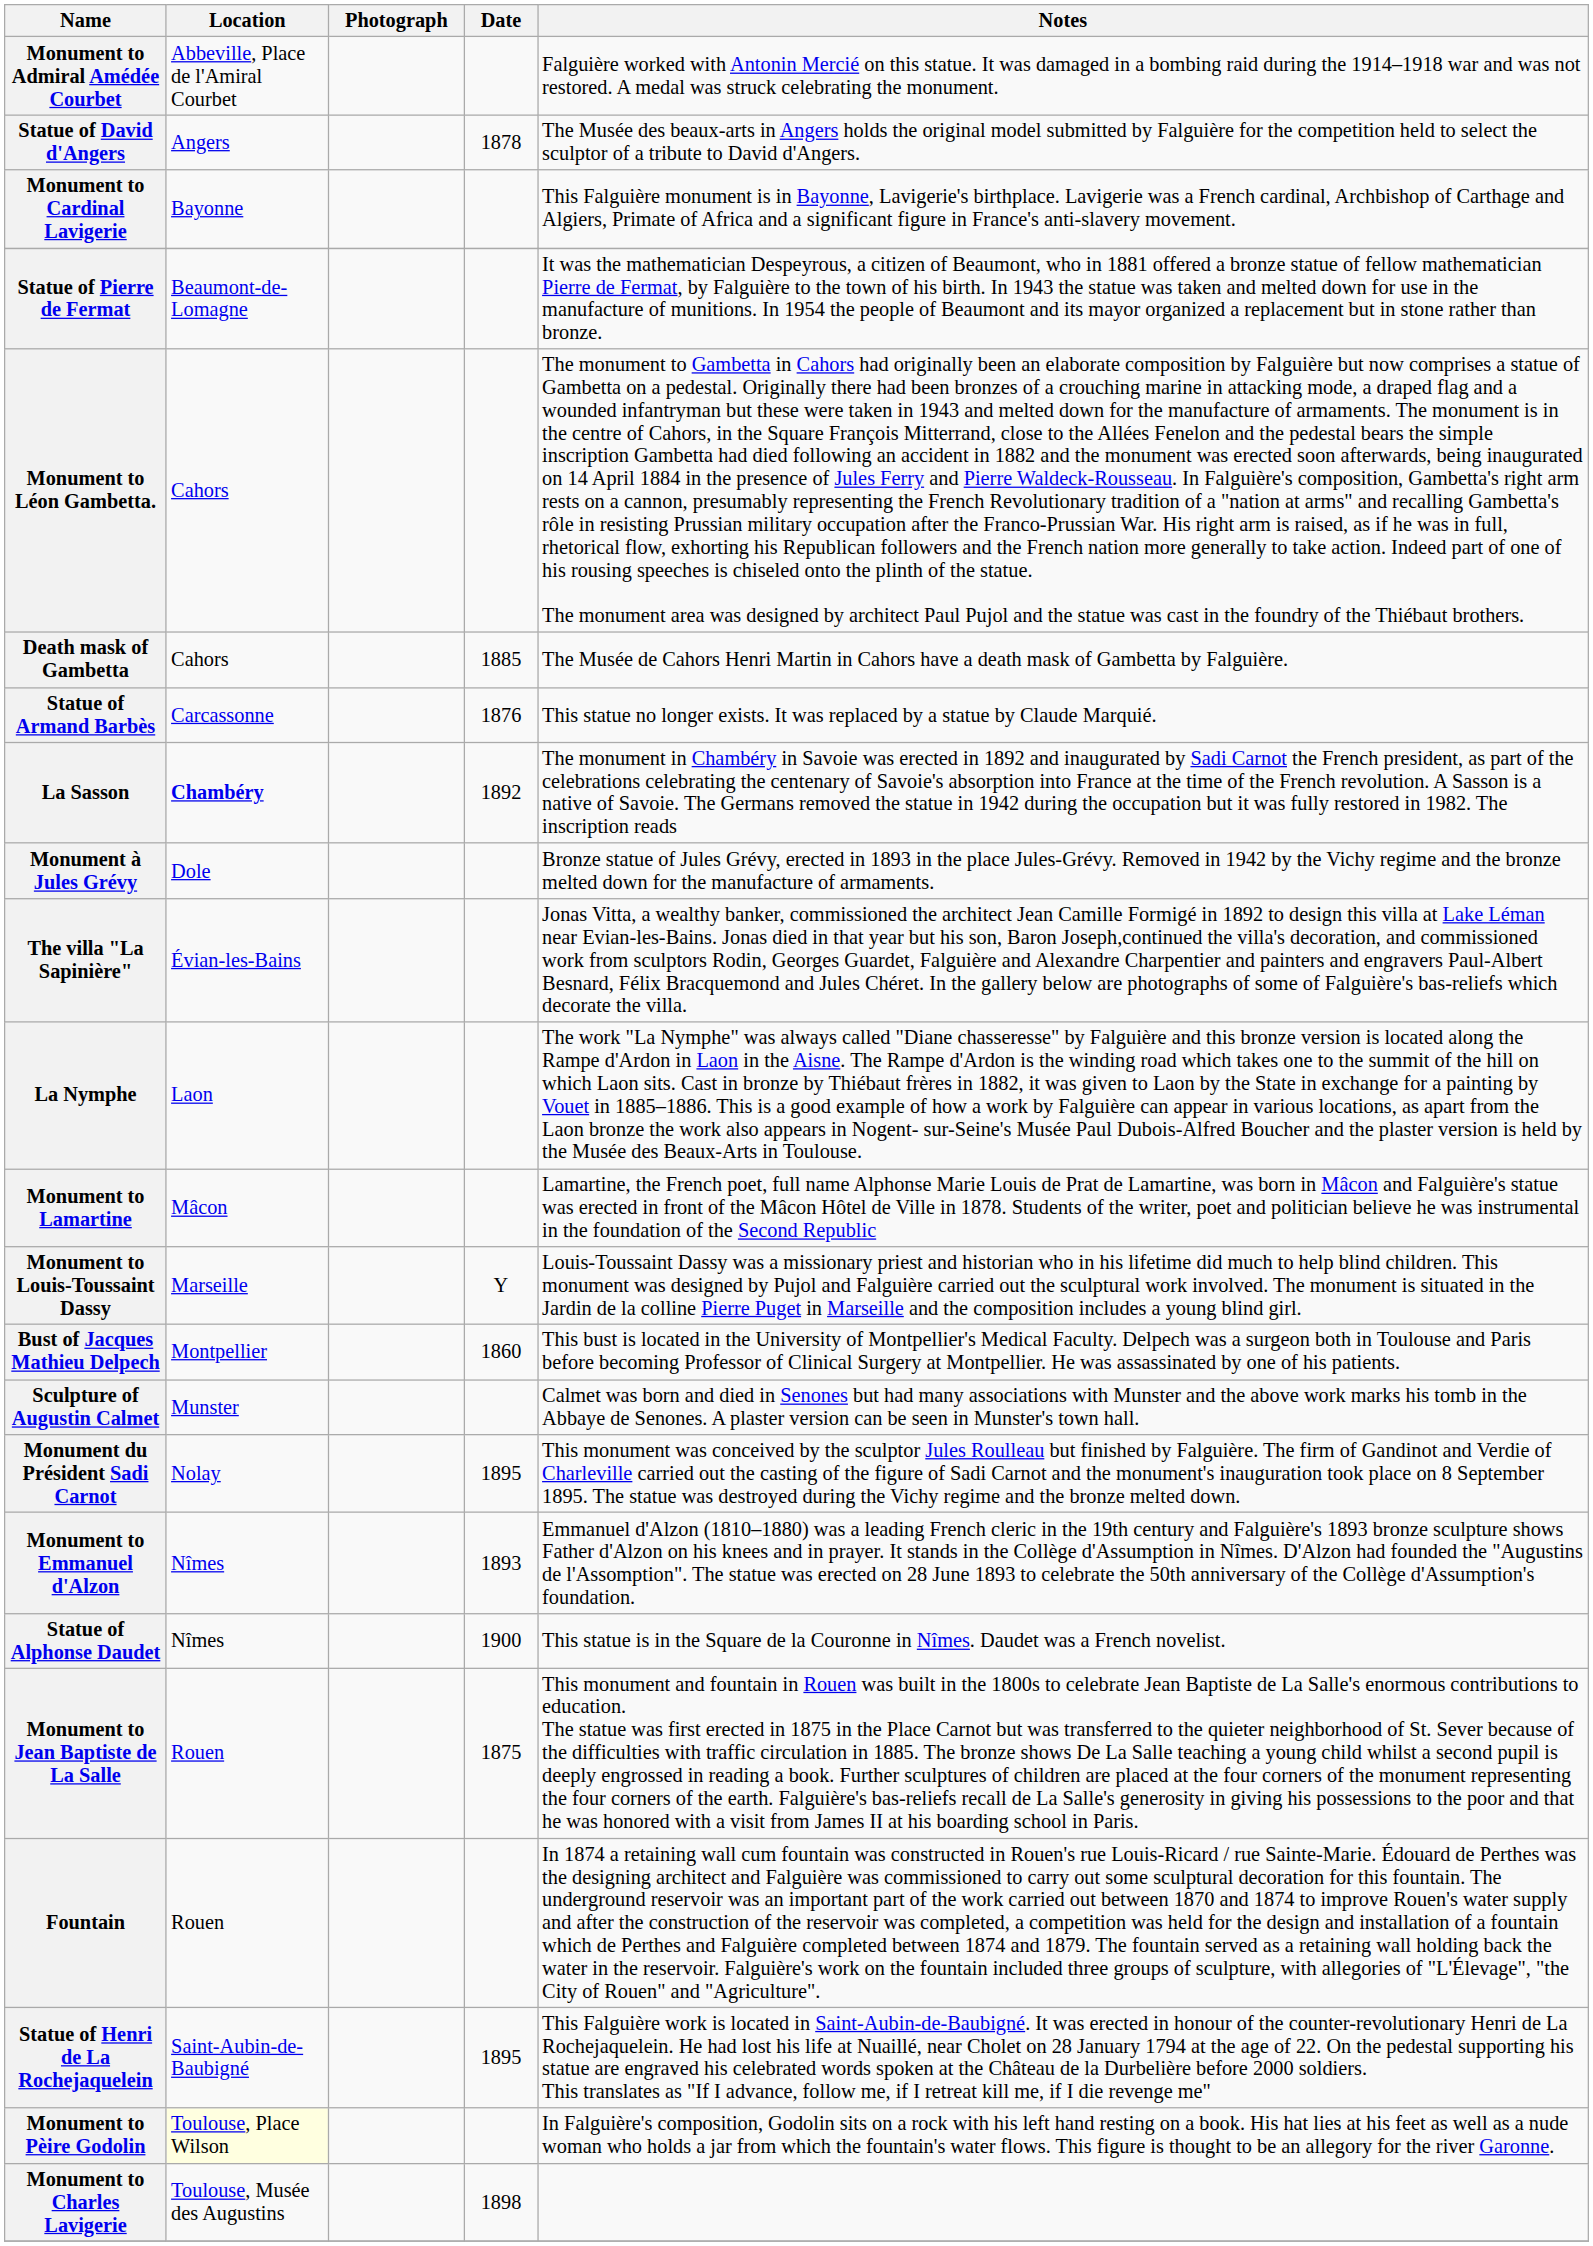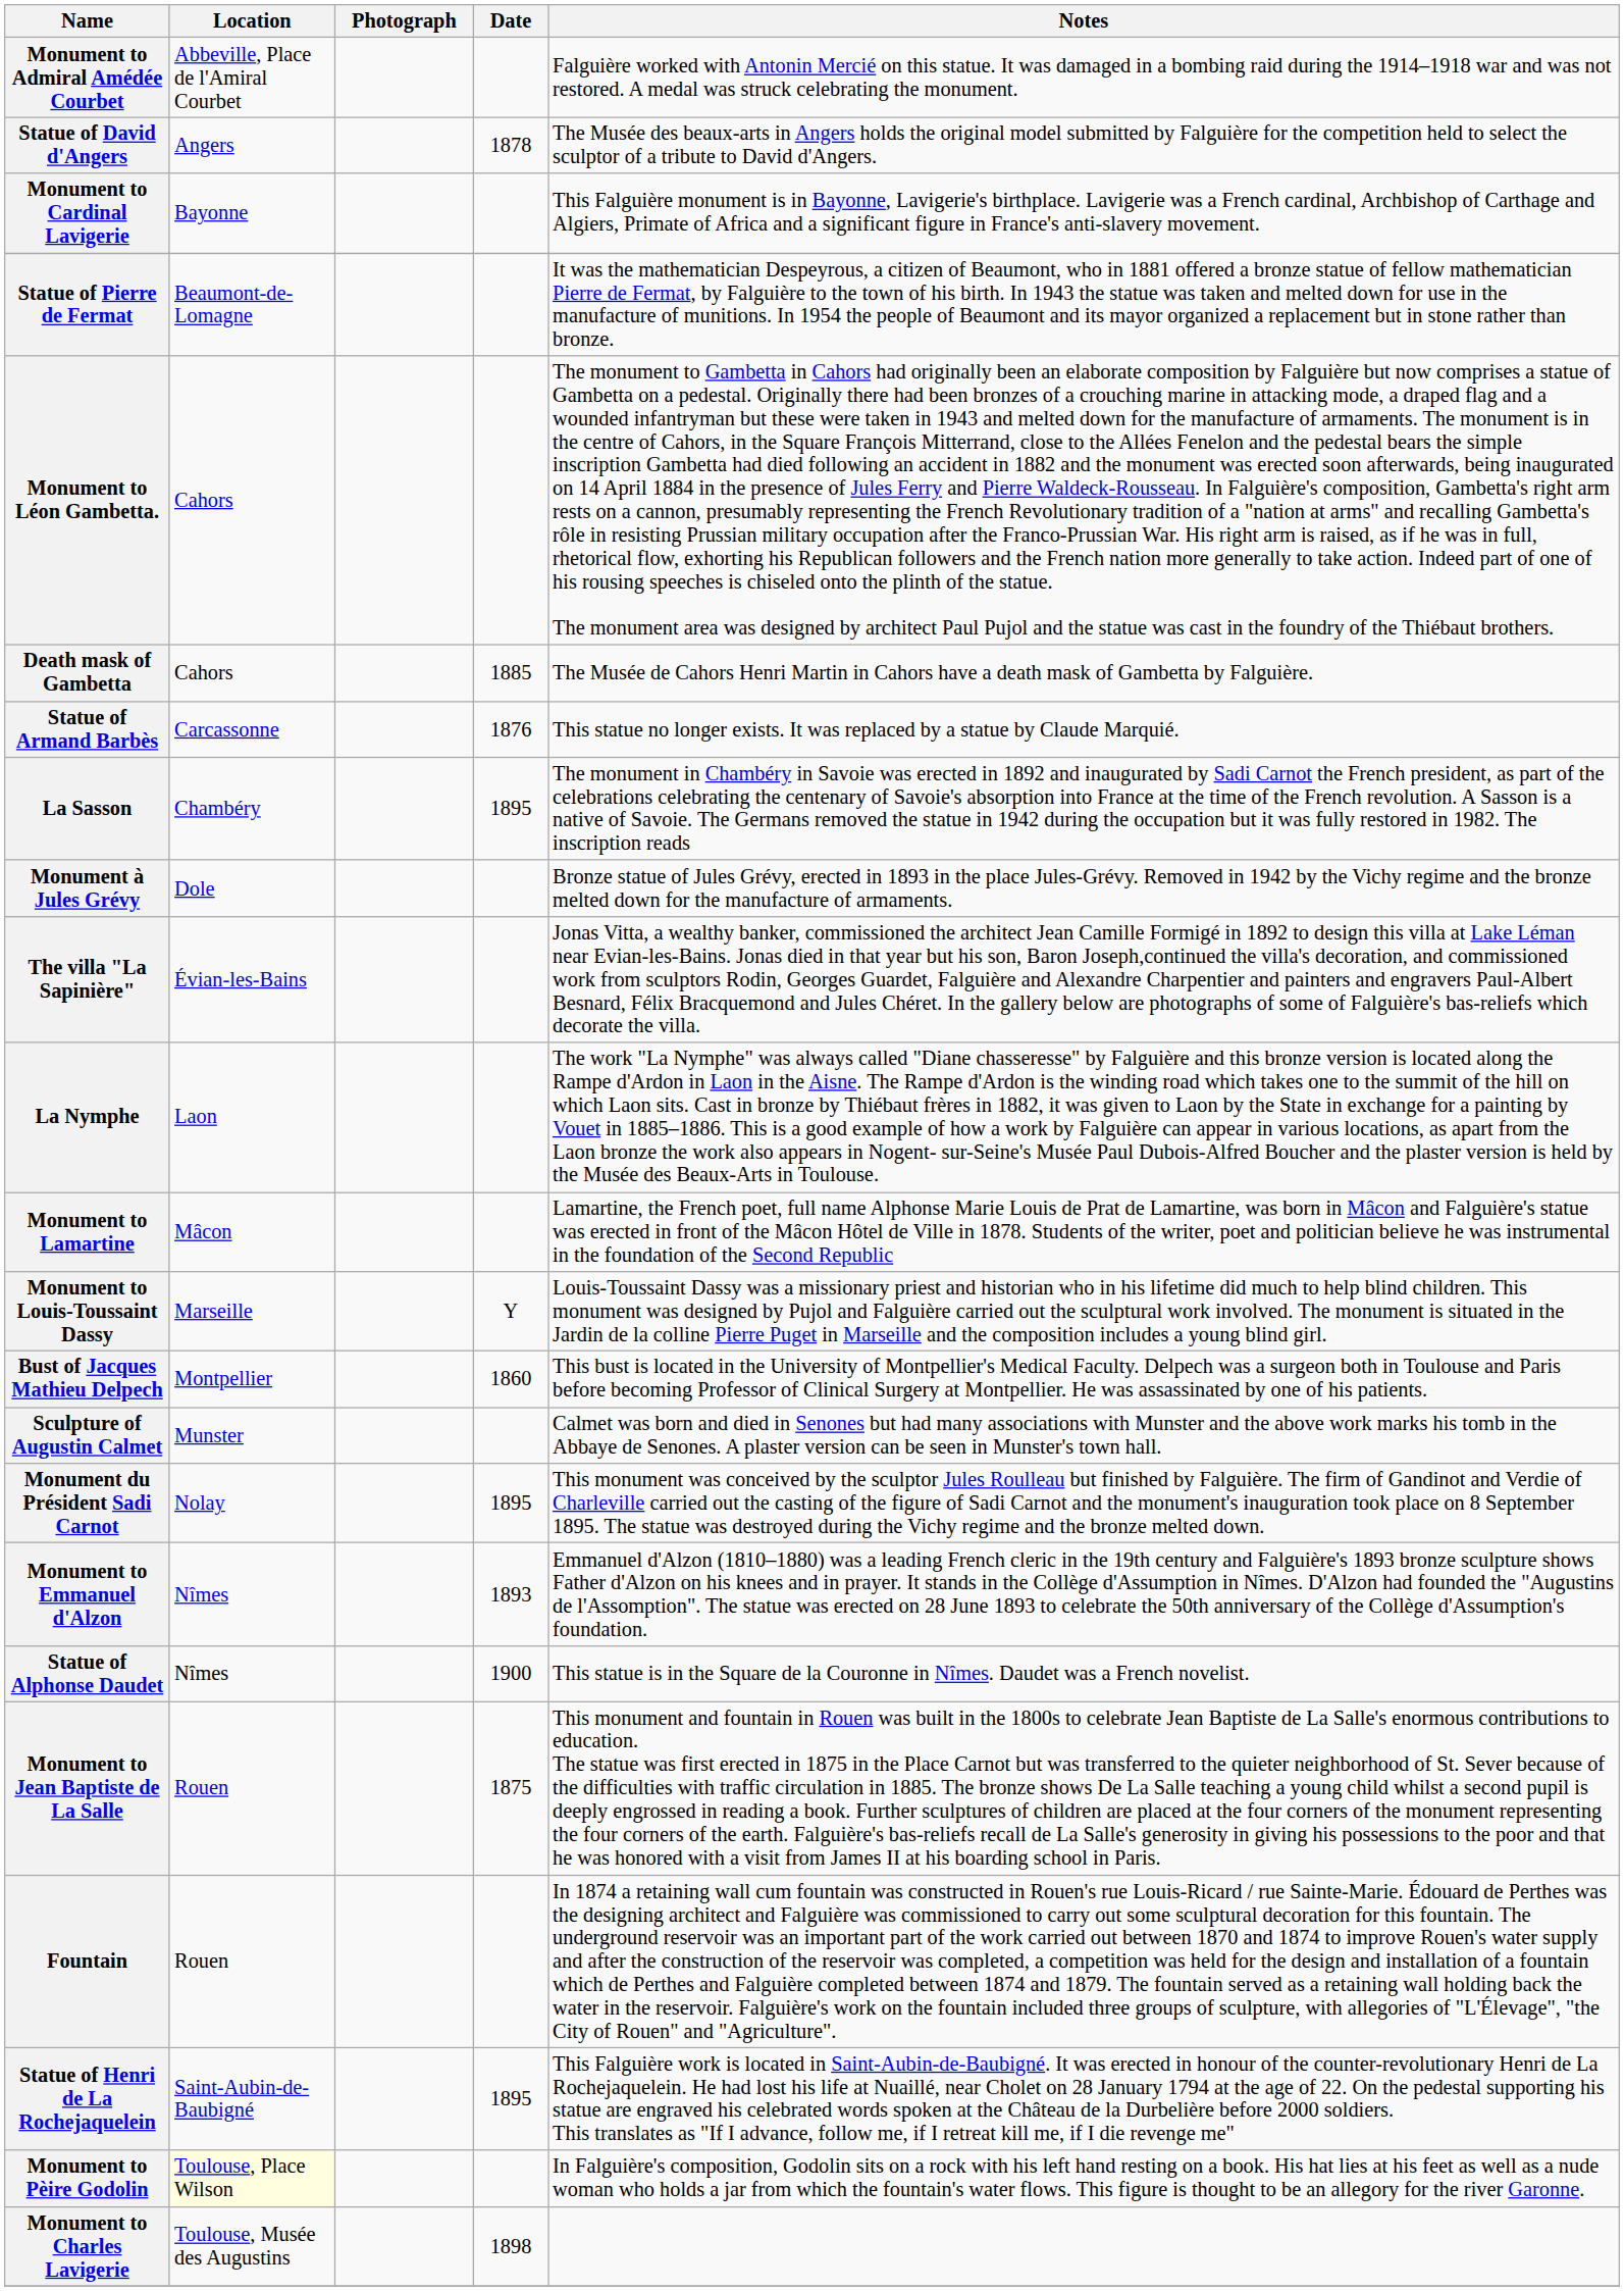 <table class="wikitable sortable plainrowheaders">
 <tr>
 <th scope="col" style="width:120px">Name</th>
 <th scope="col" style="width:120px">Location</th>
 <th scope="col" style="width:100px" class="unsortable">Photograph</th>
 <th scope="col" style="width:50px">Date</th>
 <th scope="col" class="unsortable">Notes</th>
 </tr>
 <tr>
 <th scope="row">Monument to Admiral <a href='#'>Amédée Courbet</a></th>
 <td><a href='#'>Abbeville</a>, Place de l'Amiral Courbet</td>
 <td></td>
 <td align="center"></td>
 <td>Falguière worked with <a href='#'>Antonin Mercié</a> on this statue. It was damaged in a bombing raid during the 1914–1918 war and was not restored. A medal was struck celebrating the monument.</td>
 </tr>
 <tr>
 <th scope="row">Statue of <a href='#'>David d'Angers</a></th>
 <td><a href='#'>Angers</a></td>
 <td></td>
 <td align="center">1878</td>
 <td>The Musée des beaux-arts in <a href='#'>Angers</a> holds the original model submitted by Falguière for the competition held to select the sculptor of a tribute to David d'Angers.</td>
 </tr>
 <tr>
 <th scope="row">Monument to <a href='#'>Cardinal Lavigerie</a></th>
 <td><a href='#'>Bayonne</a></td>
 <td></td>
 <td align="center"></td>
 <td>This Falguière monument is in <a href='#'>Bayonne</a>, Lavigerie's birthplace. Lavigerie was a French cardinal, Archbishop of Carthage and Algiers, Primate of Africa and a significant figure in France's anti-slavery movement.</td>
 </tr>
 <tr>
 </tr>
 <tr>
 <th scope="row">Statue of <a href='#'>Pierre de Fermat</a></th>
 <td><a href='#'>Beaumont-de-Lomagne</a></td>
 <td></td>
 <td align="center"></td>
 <td>It was the mathematician Despeyrous, a citizen of Beaumont, who in 1881 offered a bronze statue of fellow mathematician <a href='#'>Pierre de Fermat</a>, by Falguière to the town of his birth. In 1943 the statue was taken and melted down for use in the manufacture of munitions.  In 1954 the people of Beaumont and its mayor organized a replacement but in stone rather than bronze.</td>
 </tr>
 <tr>
 <th scope="row">Monument to Léon Gambetta.</th>
 <td><a href='#'>Cahors</a></td>
 <td></td>
 <td align="center"></td>
 <td>The monument to <a href='#'>Gambetta</a> in <a href='#'>Cahors</a> had originally been an elaborate composition by Falguière but now comprises a statue of Gambetta on a pedestal.  Originally there had been bronzes of a crouching marine in attacking mode, a draped flag and a wounded infantryman but these were taken in 1943 and melted down for the manufacture of armaments. The monument is in the centre of Cahors, in the Square François Mitterrand, close to the Allées Fenelon and the pedestal bears the simple inscription  Gambetta had died following an accident in 1882 and the monument was erected soon afterwards, being inaugurated on 14 April 1884 in the presence of <a href='#'>Jules Ferry</a> and <a href='#'>Pierre Waldeck-Rousseau</a>. In Falguière's composition, Gambetta's right arm rests on a cannon, presumably representing the French Revolutionary tradition of a "nation at arms" and recalling Gambetta's rôle in resisting Prussian military occupation after the Franco-Prussian War.  His right arm is raised, as if he was in full, rhetorical flow, exhorting his Republican followers and the French nation more generally to take action.  Indeed part of one of his rousing speeches is chiseled onto the plinth of the statue.<br><br>The monument area was designed by architect Paul Pujol and the statue was cast in the foundry of the Thiébaut brothers.</td>
 </tr>
 <tr>
 <th scope="row">Death mask of Gambetta</th>
 <td>Cahors</td>
 <td></td>
 <td align="center">1885</td>
 <td>The Musée de Cahors Henri Martin in Cahors have a death mask of Gambetta by Falguière.</td>
 </tr>
 <tr>
 <th scope="row">Statue of <a href='#'>Armand Barbès</a></th>
 <td><a href='#'>Carcassonne</a></td>
 <td></td>
 <td align="center">1876</td>
 <td>This statue no longer exists. It was replaced by a statue by Claude Marquié.</td>
 </tr>
 <tr>
 <th scope="row">La Sasson</th>
-<td><strong><a href='#'>Chambéry</a></strong></td>
+<td><a href='#'>Chambéry</a></td>
 <td></td>
-<td align="center">1892</td>
+<td align="center">1895</td>
 <td>The monument in <a href='#'>Chambéry</a> in Savoie was erected in 1892 and inaugurated by <a href='#'>Sadi Carnot</a> the French president, as part of the celebrations celebrating the centenary of Savoie's absorption into France at the time of the French revolution. A Sasson is a native of Savoie. The Germans removed the statue in 1942 during the occupation but it was fully restored in 1982.  The inscription reads </td>
 </tr>
 <tr>
 <th scope="row">Monument à <a href='#'>Jules Grévy</a></th>
 <td><a href='#'>Dole</a></td>
 <td></td>
 <td align="center"></td>
 <td>Bronze statue of Jules Grévy, erected in 1893 in the place Jules-Grévy. Removed in 1942 by the Vichy regime and the bronze melted down for the manufacture of armaments.</td>
 </tr>
 <tr>
 <th scope="row">The villa "La Sapinière"</th>
 <td><a href='#'>Évian-les-Bains</a></td>
 <td></td>
 <td align="center"></td>
 <td>Jonas Vitta, a wealthy banker, commissioned the architect Jean Camille Formigé in 1892 to design this villa at <a href='#'>Lake Léman</a> near Evian-les-Bains. Jonas died in that year but his son, Baron Joseph,continued the villa's decoration, and commissioned work from sculptors Rodin, Georges Guardet, Falguière and Alexandre Charpentier and painters and engravers Paul-Albert Besnard, Félix Bracquemond and Jules Chéret.  In the gallery below are photographs of some of Falguière's bas-reliefs which decorate the villa.</td>
 </tr>
 <tr>
 <th scope="row">La Nymphe</th>
 <td><a href='#'>Laon</a></td>
 <td></td>
 <td align="center"></td>
 <td>The work "La Nymphe" was always called "Diane chasseresse" by Falguière and this bronze version is located along the Rampe d'Ardon in <a href='#'>Laon</a> in the <a href='#'>Aisne</a>.  The Rampe d'Ardon is the winding road which takes one to the summit of the hill on which Laon sits. Cast in bronze by Thiébaut frères in 1882, it was given to Laon by the State in exchange for a painting by <a href='#'>Vouet</a> in 1885–1886. This is a good example of how a work by Falguière can appear in various locations, as apart from the Laon bronze the work also appears in Nogent- sur-Seine's Musée Paul Dubois-Alfred Boucher and the plaster version is held by the Musée des Beaux-Arts in Toulouse.</td>
 </tr>
 <tr>
 <th scope="row">Monument to <a href='#'>Lamartine</a></th>
 <td><a href='#'>Mâcon</a></td>
 <td></td>
 <td align="center"></td>
 <td>Lamartine, the French poet, full name Alphonse Marie Louis de Prat de Lamartine, was born in <a href='#'>Mâcon</a> and Falguière's statue was erected in front of the Mâcon Hôtel de Ville in 1878.  Students of the writer, poet and politician believe he was instrumental in the foundation of the <a href='#'>Second Republic</a></td>
 </tr>
 <tr>
 <th scope="row">Monument to Louis-Toussaint Dassy</th>
 <td><a href='#'>Marseille</a></td>
 <td></td>
 <td align="center">Y</td>
 <td>Louis-Toussaint Dassy was a missionary priest and historian who in his lifetime did much to help blind children.  This monument was designed by Pujol and Falguière carried out the sculptural work involved.  The monument is situated in the Jardin de la colline <a href='#'>Pierre Puget</a> in <a href='#'>Marseille</a> and the composition includes a young blind girl.</td>
 </tr>
 <tr>
 <th scope="row">Bust of <a href='#'>Jacques Mathieu Delpech</a></th>
 <td><a href='#'>Montpellier</a></td>
 <td></td>
 <td align="center">1860</td>
 <td>This bust is located in the University of Montpellier's Medical Faculty. Delpech was a surgeon both in Toulouse and Paris before becoming Professor of Clinical Surgery at Montpellier. He was assassinated by one of his patients.</td>
 </tr>
 <tr>
 <th scope="row">Sculpture of <a href='#'>Augustin Calmet</a></th>
 <td><a href='#'>Munster</a></td>
 <td></td>
 <td align="center"></td>
 <td>Calmet was born and died in <a href='#'>Senones</a> but had many associations with Munster and the above work marks his tomb in the Abbaye de Senones. A plaster version can be seen in Munster's town hall.</td>
 </tr>
 <tr>
 <th scope="row">Monument du Président <a href='#'>Sadi Carnot</a></th>
 <td><a href='#'>Nolay</a></td>
 <td></td>
 <td align="center">1895</td>
 <td>This monument was conceived by the sculptor <a href='#'>Jules Roulleau</a> but finished by Falguière. The firm of Gandinot and Verdie of <a href='#'>Charleville</a> carried out the casting of the figure of Sadi Carnot and the monument's inauguration took place on 8 September 1895. The statue was destroyed during the Vichy regime and the bronze melted down.</td>
 </tr>
 <tr>
 <th scope="row">Monument to <a href='#'>Emmanuel d'Alzon</a></th>
 <td><a href='#'>Nîmes</a></td>
 <td></td>
 <td align="center">1893</td>
 <td>Emmanuel d'Alzon (1810–1880) was a leading French cleric in the 19th century and Falguière's 1893 bronze sculpture shows Father d'Alzon on his knees and in prayer.  It stands in the Collège d'Assumption in Nîmes.  D'Alzon had founded the "Augustins de l'Assomption".  The statue was erected on 28 June 1893 to celebrate the 50th anniversary of the Collège d'Assumption's foundation.</td>
 </tr>
 <tr>
 <th scope="row">Statue of <a href='#'>Alphonse Daudet</a></th>
 <td>Nîmes</td>
 <td></td>
 <td align="center">1900</td>
 <td>This statue is in the Square de la Couronne in <a href='#'>Nîmes</a>. Daudet was a French novelist.</td>
 </tr>
 <tr>
 <th scope="row">Monument to <a href='#'>Jean Baptiste de La Salle</a></th>
 <td><a href='#'>Rouen</a></td>
 <td></td>
 <td align="center">1875</td>
 <td>This monument and fountain in <a href='#'>Rouen</a> was built in the 1800s to celebrate Jean Baptiste de La Salle's enormous contributions to education.<br>The statue was first erected in 1875 in the Place Carnot but was transferred to the quieter neighborhood of St. Sever because of the difficulties with traffic circulation in 1885. The bronze shows De La Salle teaching a young child whilst a second pupil is deeply engrossed in reading a book.  Further sculptures of children are placed at the four corners of the monument representing the four corners of the earth. Falguière's bas-reliefs recall de La Salle's generosity in giving his possessions to the poor and that he was honored with a visit from James II at his boarding school in Paris.</td>
 </tr>
 <tr>
 <th scope="row">Fountain</th>
 <td>Rouen</td>
 <td></td>
 <td align="center"></td>
 <td>In 1874 a retaining wall cum fountain was constructed in Rouen's rue Louis-Ricard / rue Sainte-Marie. Édouard de Perthes was the designing architect and Falguière was commissioned to carry out some sculptural decoration for this fountain.  The underground reservoir was an important part of the work carried out between 1870 and 1874 to improve Rouen's water supply and after the construction of the reservoir was completed, a competition was held for the design and installation of a fountain which de Perthes and Falguière completed between 1874 and 1879. The fountain served as a retaining wall holding back the water in the reservoir. Falguière's work on the fountain included three groups of sculpture, with allegories of "L'Élevage", "the City of Rouen" and "Agriculture".</td>
 </tr>
 <tr>
 <th scope="row">Statue of <a href='#'>Henri de La Rochejaquelein</a></th>
 <td><a href='#'>Saint-Aubin-de-Baubigné</a></td>
 <td></td>
 <td align="center">1895</td>
 <td>This Falguière work is located in <a href='#'>Saint-Aubin-de-Baubigné</a>.  It was erected in honour of the counter-revolutionary Henri de La Rochejaquelein. He had lost his life at Nuaillé, near Cholet on 28 January 1794 at the age of 22.  On the pedestal supporting his statue are engraved his celebrated words spoken at the Château de la Durbelière before 2000 soldiers.<br> This translates as "If I advance, follow me, if I retreat kill me, if I die revenge me"</td>
 </tr>
 <tr>
 <th scope="row">Monument to <a href='#'>Pèire Godolin</a></th>
 <td style="background: lightyellow;"><a href='#'>Toulouse</a>, Place Wilson</td>
 <td></td>
 <td align="center"></td>
 <td>In Falguière's composition, Godolin sits on a rock with his left hand resting on a book. His hat lies at his feet as well as a nude woman who holds a jar from which the fountain's water flows.  This figure is thought to be an allegory for the river <a href='#'>Garonne</a>.</td>
 </tr>
 <tr>
 <th scope="row">Monument to <a href='#'>Charles Lavigerie</a></th>
 <td><a href='#'>Toulouse</a>, Musée des Augustins</td>
 <td></td>
 <td align="center">1898</td>
 <td></td>
 </tr>
 <tr>
 </tr>
 </table>
